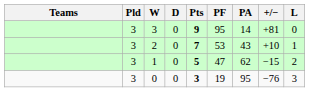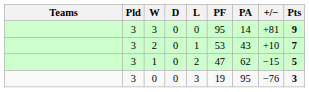 <table class="wikitable" style="text-align: center;">
 <tr>
 <th width="175">Teams</th>
 <th width="25">Pld</th>
 <th width="25">W</th>
 <th width="25">D</th>
-<th width="25">Pts</th>
+<th width="25">L</th>
 <th width="32">PF</th>
 <th width="32">PA</th>
 <th width="32">+/−</th>
-<th width="25">L</th>
+<th width="25">Pts</th>
 </tr>
 <tr bgcolor=ccffcc>
 <td align=left></td>
 <td>3</td>
 <td>3</td>
 <td>0</td>
-<td><strong>9</strong></td>
+<td>0</td>
 <td>95</td>
 <td>14</td>
 <td>+81</td>
-<td>0</td>
+<td><strong>9</strong></td>
 </tr>
 <tr bgcolor=ccffcc>
 <td align=left></td>
 <td>3</td>
 <td>2</td>
 <td>0</td>
-<td><strong>7</strong></td>
+<td>1</td>
 <td>53</td>
 <td>43</td>
 <td>+10</td>
-<td>1</td>
+<td><strong>7</strong></td>
 </tr>
 <tr bgcolor=ccffcc>
 <td align=left></td>
 <td>3</td>
 <td>1</td>
 <td>0</td>
-<td><strong>5</strong></td>
+<td>2</td>
 <td>47</td>
 <td>62</td>
 <td>−15</td>
-<td>2</td>
+<td><strong>5</strong></td>
 </tr>
 <tr>
 <td align=left></td>
 <td>3</td>
 <td>0</td>
 <td>0</td>
-<td><strong>3</strong></td>
+<td>3</td>
 <td>19</td>
 <td>95</td>
 <td>−76</td>
-<td>3</td>
+<td><strong>3</strong></td>
 </tr>
 </table>
